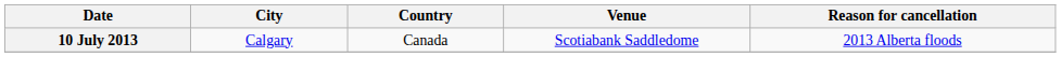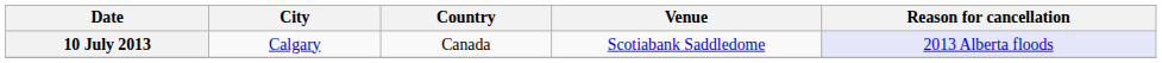 <table class="wikitable plainrowheaders" style="text-align:center;">
 <tr>
 <th scope="col" style="width:12em;">Date</th>
 <th scope="col" style="width:10em;">City</th>
 <th scope="col" style="width:10em;">Country</th>
 <th scope="col" style="width:16em;">Venue</th>
 <th scope="col" style="width:20em;">Reason for cancellation</th>
 </tr>
 <tr>
 <th scope="row" style="text-align:center;">10 July 2013</th>
 <td><a href='#'>Calgary</a></td>
 <td>Canada</td>
 <td><a href='#'>Scotiabank Saddledome</a></td>
-<td><a href='#'>2013 Alberta floods</a></td>
+<td style="background: lavender;"><a href='#'>2013 Alberta floods</a></td>
 </tr>
 <tr>
 </tr>
 </table>
